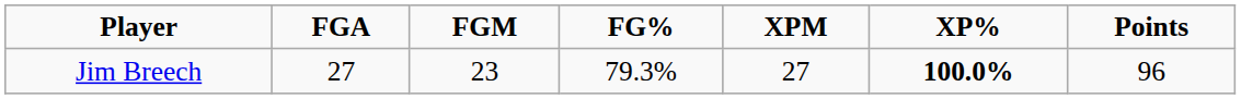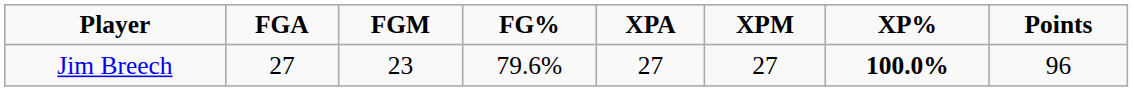 <table class="wikitable" width="80%">
 <tr align="center">
 <td><strong>Player</strong></td>
 <td><strong>FGA</strong></td>
 <td><strong>FGM</strong></td>
 <td><strong>FG%</strong></td>
+<td><strong>XPA</strong></td>
 <td><strong>XPM</strong></td>
 <td><strong>XP%</strong></td>
 <td><strong>Points</strong></td>
 </tr>
 <tr align="center" bgcolor="">
 <td><a href='#'>Jim Breech</a></td>
 <td>27</td>
 <td>23</td>
-<td>79.3%</td>
+<td>79.6%</td>
+<td>27</td>
 <td>27</td>
 <td><strong>100.0%</strong></td>
 <td>96</td>
 </tr>
 </table>
